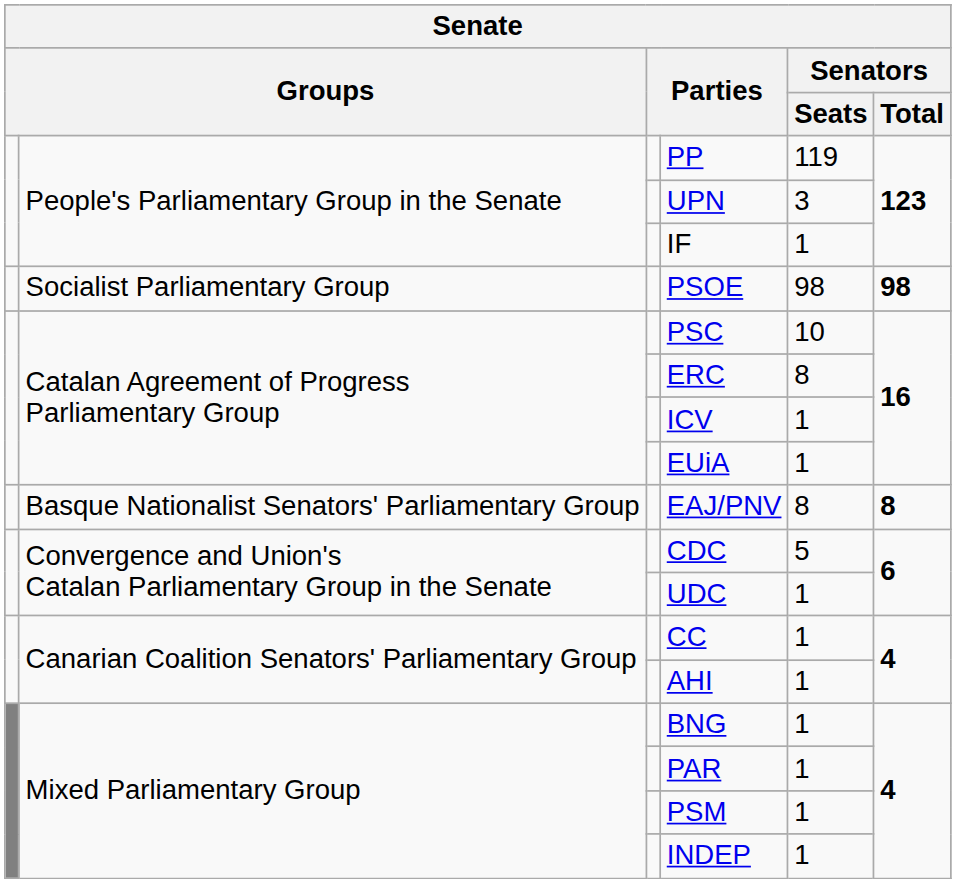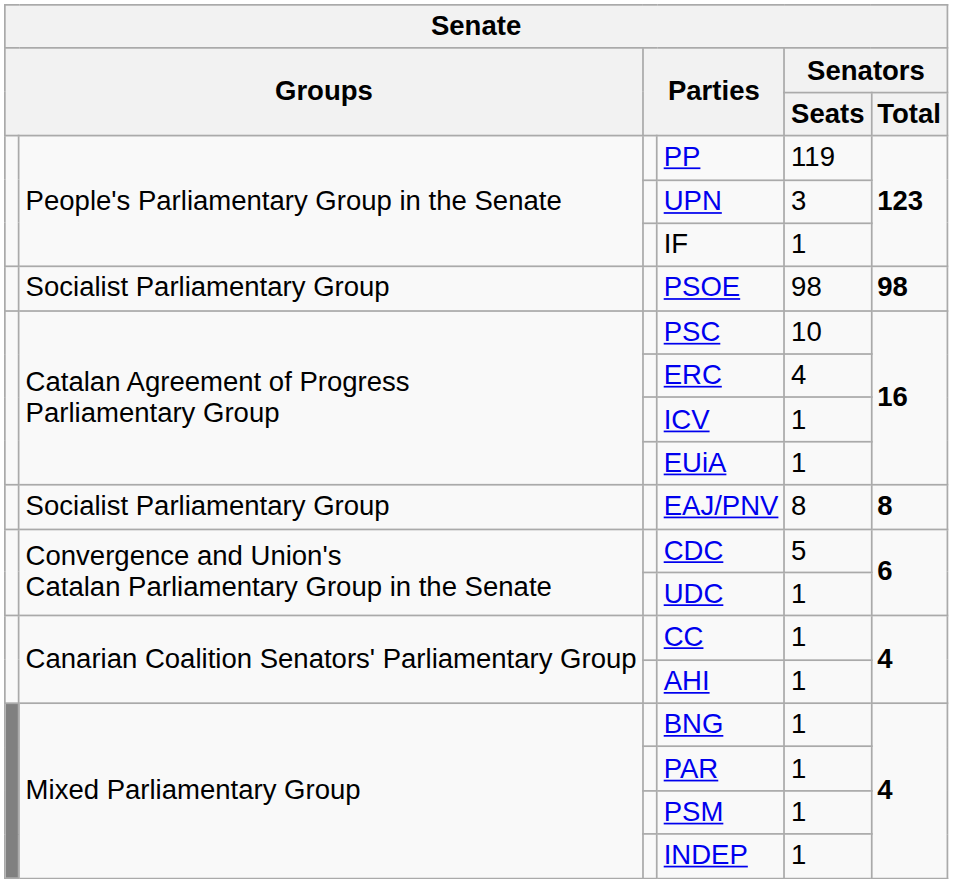 <table class="wikitable" style="text-align:left;">
 <tr>
 <th colspan="6">Senate</th>
 </tr>
 <tr>
 <th rowspan="2" colspan="2">Groups</th>
 <th rowspan="2" colspan="2">Parties</th>
 <th colspan="2">Senators</th>
 </tr>
 <tr>
 <th>Seats</th>
 <th>Total</th>
 </tr>
 <tr>
 <td width="1" rowspan="3"></td>
 <td rowspan="3">People's Parliamentary Group in the Senate</td>
 <td width="1" style="color:inherit;background:"></td>
 <td><a href='#'>PP</a></td>
 <td>119</td>
 <td rowspan="3"><strong>123</strong></td>
 </tr>
 <tr>
 <td style="color:inherit;background:"></td>
 <td><a href='#'>UPN</a></td>
 <td>3</td>
 </tr>
 <tr>
 <td style="color:inherit;background:"></td>
 <td>IF</td>
 <td>1</td>
 </tr>
 <tr>
 <td style="color:inherit;background:"></td>
 <td>Socialist Parliamentary Group</td>
 <td style="color:inherit;background:"></td>
 <td><a href='#'>PSOE</a></td>
 <td>98</td>
 <td><strong>98</strong></td>
 </tr>
 <tr>
 <td rowspan="4" style="color:inherit;background:"></td>
 <td rowspan="4">Catalan Agreement of Progress<br>Parliamentary Group</td>
 <td style="color:inherit;background:"></td>
 <td><a href='#'>PSC</a></td>
 <td>10</td>
 <td rowspan="4"><strong>16</strong></td>
 </tr>
 <tr>
 <td style="color:inherit;background:"></td>
 <td><a href='#'>ERC</a></td>
-<td>8</td>
+<td>4</td>
 </tr>
 <tr>
 <td style="color:inherit;background:"></td>
 <td><a href='#'>ICV</a></td>
 <td>1</td>
 </tr>
 <tr>
 <td style="color:inherit;background:"></td>
 <td><a href='#'>EUiA</a></td>
 <td>1</td>
 </tr>
 <tr>
 <td style="color:inherit;background:"></td>
-<td>Basque Nationalist Senators' Parliamentary Group</td>
+<td>Socialist Parliamentary Group</td>
 <td style="color:inherit;background:"></td>
 <td><a href='#'>EAJ/PNV</a></td>
 <td>8</td>
 <td><strong>8</strong></td>
 </tr>
 <tr>
 <td rowspan="2" style="color:inherit;background:"></td>
 <td rowspan="2">Convergence and Union's<br>Catalan Parliamentary Group in the Senate</td>
 <td style="color:inherit;background:"></td>
 <td><a href='#'>CDC</a></td>
 <td>5</td>
 <td rowspan="2"><strong>6</strong></td>
 </tr>
 <tr>
 <td style="color:inherit;background:"></td>
 <td><a href='#'>UDC</a></td>
 <td>1</td>
 </tr>
 <tr>
 <td rowspan="2" style="color:inherit;background:"></td>
 <td rowspan="2">Canarian Coalition Senators' Parliamentary Group</td>
 <td style="color:inherit;background:"></td>
 <td><a href='#'>CC</a></td>
 <td>1</td>
 <td rowspan="2"><strong>4</strong></td>
 </tr>
 <tr>
 <td style="color:inherit;background:"></td>
 <td><a href='#'>AHI</a></td>
 <td>1</td>
 </tr>
 <tr>
 <td rowspan="4" bgcolor="gray"></td>
 <td rowspan="4">Mixed Parliamentary Group</td>
 <td style="color:inherit;background:"></td>
 <td><a href='#'>BNG</a></td>
 <td>1</td>
 <td rowspan="4"><strong>4</strong></td>
 </tr>
 <tr>
 <td style="color:inherit;background:"></td>
 <td><a href='#'>PAR</a></td>
 <td>1</td>
 </tr>
 <tr>
 <td style="color:inherit;background:"></td>
 <td><a href='#'>PSM</a></td>
 <td>1</td>
 </tr>
 <tr>
 <td style="color:inherit;background:"></td>
 <td><a href='#'>INDEP</a></td>
 <td>1</td>
 </tr>
 </table>
